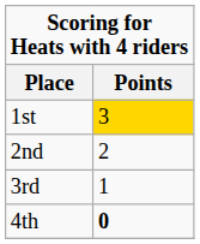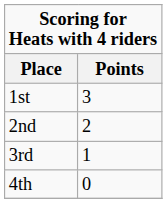 <table class="wikitable" align="center">
 <tr>
 <td colspan="3" align="center"><strong>Scoring for<br>Heats with 4 riders</strong></td>
 </tr>
 <tr>
 <th>Place</th>
 <th>Points</th>
 </tr>
 <tr>
 <td>1st</td>
-<td style="background: gold;">3</td>
+<td>3</td>
 </tr>
 <tr>
 <td>2nd</td>
 <td>2</td>
 </tr>
 <tr>
 <td>3rd</td>
 <td>1</td>
 </tr>
 <tr>
 <td>4th</td>
-<td><strong>0</strong></td>
+<td>0</td>
 </tr>
 <tr>
 </tr>
 </table>
